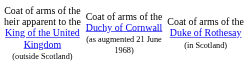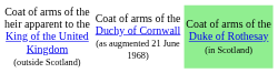 <table border="0" align="center" width="20%">
 <tr>
 <th width=33%></th>
 <th width=33%></th>
 <th width=33%></th>
 </tr>
 <tr>
 <td style="text-align: center;">Coat of arms of the heir apparent to the <a href='#'>King of the United Kingdom</a><br><small>(outside Scotland)</small></td>
 <td style="text-align: center;">Coat of arms of the <a href='#'>Duchy of Cornwall</a><br><small>(as augmented 21 June 1968)</small></td>
-<td style="text-align: center;">Coat of arms of the <a href='#'>Duke of Rothesay</a><br><small>(in Scotland)</small></td>
+<td style="background: lightgreen; text-align: center;">Coat of arms of the <a href='#'>Duke of Rothesay</a><br><small>(in Scotland)</small></td>
 </tr>
 </table>
